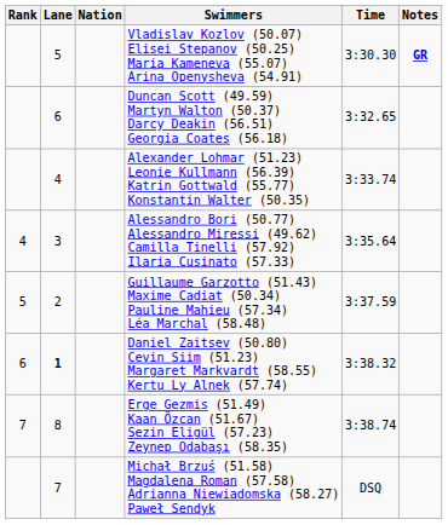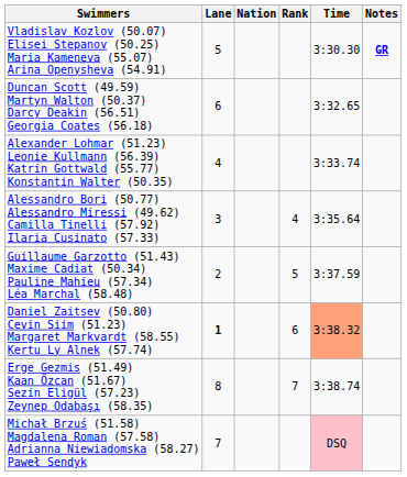 <table class="wikitable sortable" style="text-align:center">
 <tr>
-<th>Rank</th>
+<th>Swimmers</th>
 <th>Lane</th>
 <th>Nation</th>
-<th>Swimmers</th>
+<th>Rank</th>
 <th>Time</th>
 <th>Notes</th>
 </tr>
 <tr>
-<td></td>
+<td align=left><a href='#'>Vladislav Kozlov</a> (50.07)<br><a href='#'>Elisei Stepanov</a> (50.25)<br><a href='#'>Maria Kameneva</a> (55.07)<br><a href='#'>Arina Openysheva</a> (54.91)</td>
 <td>5</td>
 <td align=left></td>
-<td align=left><a href='#'>Vladislav Kozlov</a> (50.07)<br><a href='#'>Elisei Stepanov</a> (50.25)<br><a href='#'>Maria Kameneva</a> (55.07)<br><a href='#'>Arina Openysheva</a> (54.91)</td>
+<td></td>
 <td>3:30.30</td>
 <td><a href='#'><strong>GR</strong></a></td>
 </tr>
 <tr>
-<td></td>
+<td align=left><a href='#'>Duncan Scott</a> (49.59)<br><a href='#'>Martyn Walton</a> (50.37)<br><a href='#'>Darcy Deakin</a> (56.51)<br><a href='#'>Georgia Coates</a> (56.18)</td>
 <td>6</td>
 <td align=left></td>
-<td align=left><a href='#'>Duncan Scott</a> (49.59)<br><a href='#'>Martyn Walton</a> (50.37)<br><a href='#'>Darcy Deakin</a> (56.51)<br><a href='#'>Georgia Coates</a> (56.18)</td>
+<td></td>
 <td>3:32.65</td>
 <td></td>
 </tr>
 <tr>
-<td></td>
+<td align=left><a href='#'>Alexander Lohmar</a> (51.23)<br><a href='#'>Leonie Kullmann</a> (56.39)<br><a href='#'>Katrin Gottwald</a> (55.77)<br><a href='#'>Konstantin Walter</a> (50.35)</td>
 <td>4</td>
 <td align=left></td>
-<td align=left><a href='#'>Alexander Lohmar</a> (51.23)<br><a href='#'>Leonie Kullmann</a> (56.39)<br><a href='#'>Katrin Gottwald</a> (55.77)<br><a href='#'>Konstantin Walter</a> (50.35)</td>
+<td></td>
 <td>3:33.74</td>
 <td></td>
 </tr>
 <tr>
-<td>4</td>
+<td align=left><a href='#'>Alessandro Bori</a> (50.77)<br><a href='#'>Alessandro Miressi</a> (49.62)<br><a href='#'>Camilla Tinelli</a> (57.92)<br><a href='#'>Ilaria Cusinato</a> (57.33)</td>
 <td>3</td>
 <td align=left></td>
-<td align=left><a href='#'>Alessandro Bori</a> (50.77)<br><a href='#'>Alessandro Miressi</a> (49.62)<br><a href='#'>Camilla Tinelli</a> (57.92)<br><a href='#'>Ilaria Cusinato</a> (57.33)</td>
+<td>4</td>
 <td>3:35.64</td>
 <td></td>
 </tr>
 <tr>
-<td>5</td>
+<td align=left><a href='#'>Guillaume Garzotto</a> (51.43)<br><a href='#'>Maxime Cadiat</a> (50.34)<br><a href='#'>Pauline Mahieu</a> (57.34)<br><a href='#'>Léa Marchal</a> (58.48)</td>
 <td>2</td>
 <td align=left></td>
-<td align=left><a href='#'>Guillaume Garzotto</a> (51.43)<br><a href='#'>Maxime Cadiat</a> (50.34)<br><a href='#'>Pauline Mahieu</a> (57.34)<br><a href='#'>Léa Marchal</a> (58.48)</td>
+<td>5</td>
 <td>3:37.59</td>
 <td></td>
 </tr>
 <tr>
-<td>6</td>
+<td align=left><a href='#'>Daniel Zaitsev</a> (50.80)<br><a href='#'>Cevin Siim</a> (51.23)<br><a href='#'>Margaret Markvardt</a> (58.55)<br><a href='#'>Kertu Ly Alnek</a> (57.74)</td>
 <td><strong>1</strong></td>
 <td align=left></td>
-<td align=left><a href='#'>Daniel Zaitsev</a> (50.80)<br><a href='#'>Cevin Siim</a> (51.23)<br><a href='#'>Margaret Markvardt</a> (58.55)<br><a href='#'>Kertu Ly Alnek</a> (57.74)</td>
-<td>3:38.32</td>
+<td>6</td>
+<td style="background: lightsalmon;">3:38.32</td>
 <td></td>
 </tr>
 <tr>
-<td>7</td>
+<td align=left><a href='#'>Erge Gezmis</a> (51.49)<br><a href='#'>Kaan Özcan</a> (51.67)<br><a href='#'>Sezin Eligül</a> (57.23)<br><a href='#'>Zeynep Odabaşı</a> (58.35)</td>
 <td>8</td>
 <td align=left></td>
-<td align=left><a href='#'>Erge Gezmis</a> (51.49)<br><a href='#'>Kaan Özcan</a> (51.67)<br><a href='#'>Sezin Eligül</a> (57.23)<br><a href='#'>Zeynep Odabaşı</a> (58.35)</td>
+<td>7</td>
 <td>3:38.74</td>
 <td></td>
 </tr>
 <tr>
-<td></td>
+<td align=left><a href='#'>Michał Brzuś</a> (51.58)<br><a href='#'>Magdalena Roman</a> (57.58)<br><a href='#'>Adrianna Niewiadomska</a> (58.27)<br><a href='#'>Paweł Sendyk</a></td>
 <td>7</td>
 <td align=left></td>
-<td align=left><a href='#'>Michał Brzuś</a> (51.58)<br><a href='#'>Magdalena Roman</a> (57.58)<br><a href='#'>Adrianna Niewiadomska</a> (58.27)<br><a href='#'>Paweł Sendyk</a></td>
-<td>DSQ</td>
+<td></td>
+<td style="background: pink;">DSQ</td>
 <td></td>
 </tr>
 </table>
